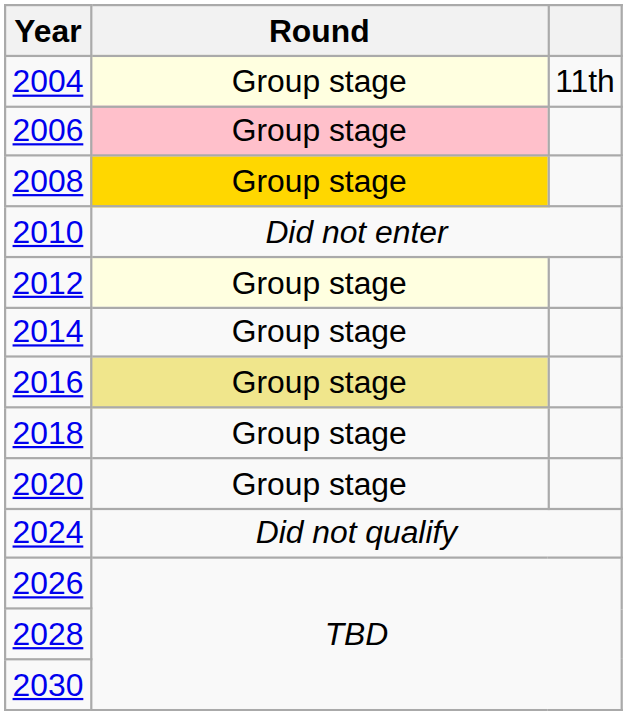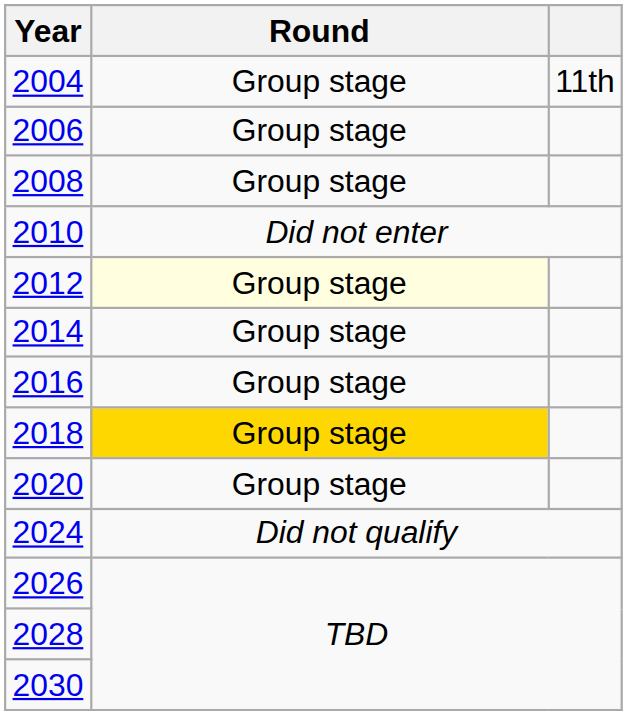 <table class="wikitable" style="text-align: center; font-size:90%">
 <tr>
 <th>Year</th>
 <th style="width:200px">Round</th>
 <th></th>
 </tr>
 <tr>
 <td><a href='#'>2004</a></td>
-<td style="background: lightyellow;">Group stage</td>
+<td>Group stage</td>
 <td>11th</td>
 </tr>
 <tr>
 <td><a href='#'>2006</a></td>
-<td style="background: pink;">Group stage</td>
+<td>Group stage</td>
 <td></td>
 </tr>
 <tr>
 <td><a href='#'>2008</a></td>
-<td style="background: gold;">Group stage</td>
+<td>Group stage</td>
 <td></td>
 </tr>
 <tr>
 <td><a href='#'>2010</a></td>
 <td colspan="2"><em>Did not enter</em></td>
 </tr>
 <tr>
 <td><a href='#'>2012</a></td>
 <td style="background: lightyellow;">Group stage</td>
 <td></td>
 </tr>
 <tr>
 <td><a href='#'>2014</a></td>
 <td>Group stage</td>
 <td></td>
 </tr>
 <tr>
 <td><a href='#'>2016</a></td>
-<td style="background: khaki;">Group stage</td>
+<td>Group stage</td>
 <td></td>
 </tr>
 <tr>
 <td><a href='#'>2018</a></td>
-<td>Group stage</td>
+<td style="background: gold;">Group stage</td>
 <td></td>
 </tr>
 <tr>
 <td><a href='#'>2020</a></td>
 <td>Group stage</td>
 <td></td>
 </tr>
 <tr>
 <td><a href='#'>2024</a></td>
 <td colspan="2"><em>Did not qualify</em></td>
 </tr>
 <tr>
 <td><a href='#'>2026</a></td>
 <td colspan="2" rowspan="3"><em>TBD</em></td>
 </tr>
 <tr>
 <td><a href='#'>2028</a></td>
 </tr>
 <tr>
 <td><a href='#'>2030</a></td>
 </tr>
 </table>
